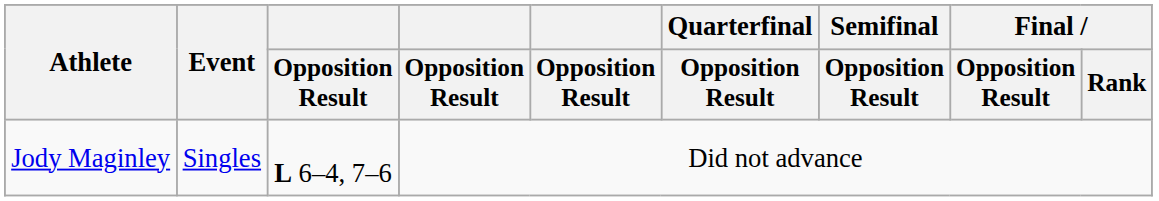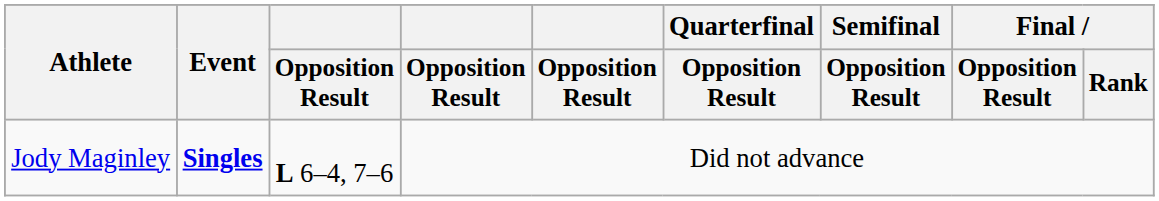 <table class=wikitable style=font-size:90%;text-align:center>
 <tr>
 <th rowspan=2>Athlete</th>
 <th rowspan=2>Event</th>
 <th></th>
 <th></th>
 <th></th>
 <th>Quarterfinal</th>
 <th>Semifinal</th>
 <th colspan=2>Final / </th>
 </tr>
 <tr style=font-size:95%>
 <th>Opposition<br>Result</th>
 <th>Opposition<br>Result</th>
 <th>Opposition<br>Result</th>
 <th>Opposition<br>Result</th>
 <th>Opposition<br>Result</th>
 <th>Opposition<br>Result</th>
 <th>Rank</th>
 </tr>
 <tr>
 <td align=left><a href='#'>Jody Maginley</a></td>
-<td align=left><a href='#'>Singles</a></td>
+<td align=left><strong><a href='#'>Singles</a></strong></td>
 <td><br><strong>L</strong> 6–4, 7–6</td>
 <td colspan=6>Did not advance</td>
 </tr>
 </table>
